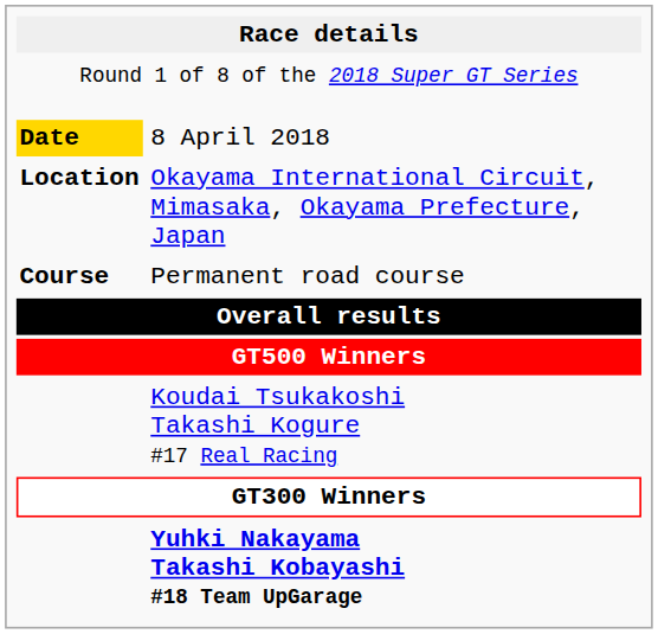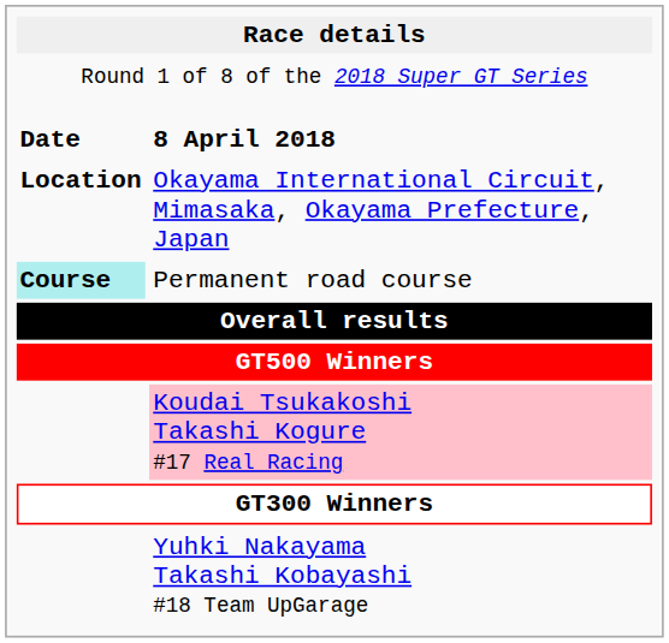 <table class="infobox" cellpadding="2" style="float:right; float:right; width:26em;">
 <tr>
 <th colspan="3" style="background:#efefef; text-align:center">Race details</th>
 </tr>
 <tr>
 <td colspan="3" style="text-align:center;"><small>Round 1 of 8 of the <em><a href='#'>2018 Super GT Series</a></em></small></td>
 </tr>
 <tr>
 <td colspan="3" style="text-align:center;"></td>
 </tr>
 <tr>
 <td colspan="3" style="text-align:center;"></td>
 </tr>
 <tr>
-<td style="background: gold; width: 20%;"><strong>Date</strong></td>
-<td>8 April 2018</td>
+<td style="width: 20%;"><strong>Date</strong></td>
+<td><strong>8 April 2018</strong></td>
 </tr>
 <tr>
 <td><strong>Location</strong></td>
 <td colspan=2><a href='#'>Okayama International Circuit</a>, <a href='#'>Mimasaka</a>, <a href='#'>Okayama Prefecture</a>, <a href='#'>Japan</a></td>
 </tr>
 <tr>
-<td><strong>Course</strong></td>
+<td style="background: paleturquoise;"><strong>Course</strong></td>
 <td colspan=2>Permanent road course<br></td>
 </tr>
 <tr>
 <td colspan="3" style="text-align:center; background:#000000; color:#FFFFFF;"><strong>Overall results</strong></td>
 </tr>
 <tr>
 <th colspan="3" style="background:red; color: #FFFFFF; text-align:center;">GT500 Winners</th>
 </tr>
 <tr>
 <td></td>
-<td> <a href='#'>Koudai Tsukakoshi</a><br> <a href='#'>Takashi Kogure</a><br><small>#17 <a href='#'>Real Racing</a></small></td>
+<td style="background: pink;"> <a href='#'>Koudai Tsukakoshi</a><br> <a href='#'>Takashi Kogure</a><br><small>#17 <a href='#'>Real Racing</a></small></td>
 </tr>
 <tr>
 <th colspan="3" style="background:#FFFFFF; border:1px solid red; text-align:center">GT300 Winners</th>
 </tr>
 <tr>
 <td></td>
-<td><strong> <a href='#'>Yuhki Nakayama</a><br> <a href='#'>Takashi Kobayashi</a><br><small>#18 Team UpGarage</small></strong></td>
+<td> <a href='#'>Yuhki Nakayama</a><br> <a href='#'>Takashi Kobayashi</a><br><small>#18 Team UpGarage</small></td>
 </tr>
 <tr>
 </tr>
 </table>
